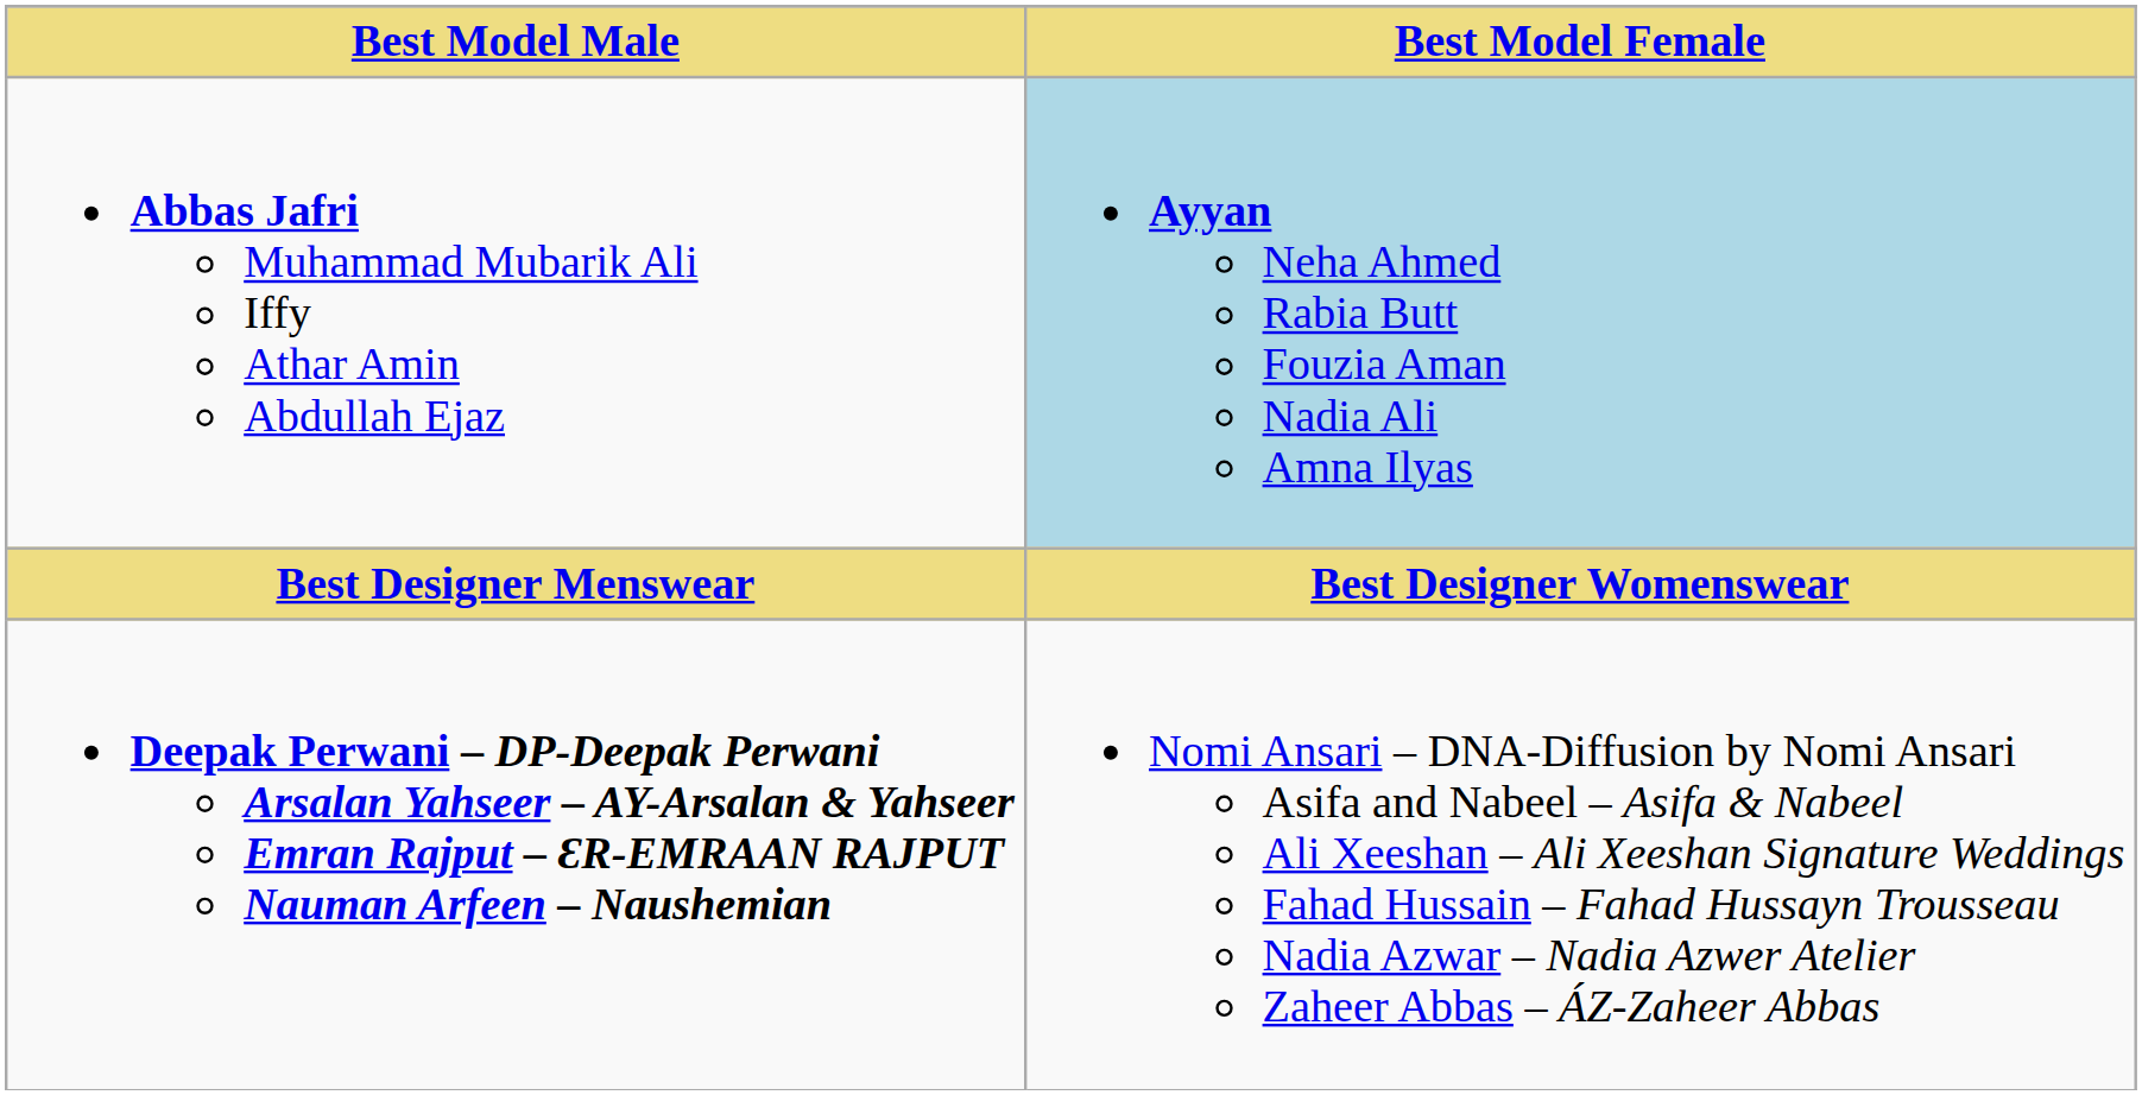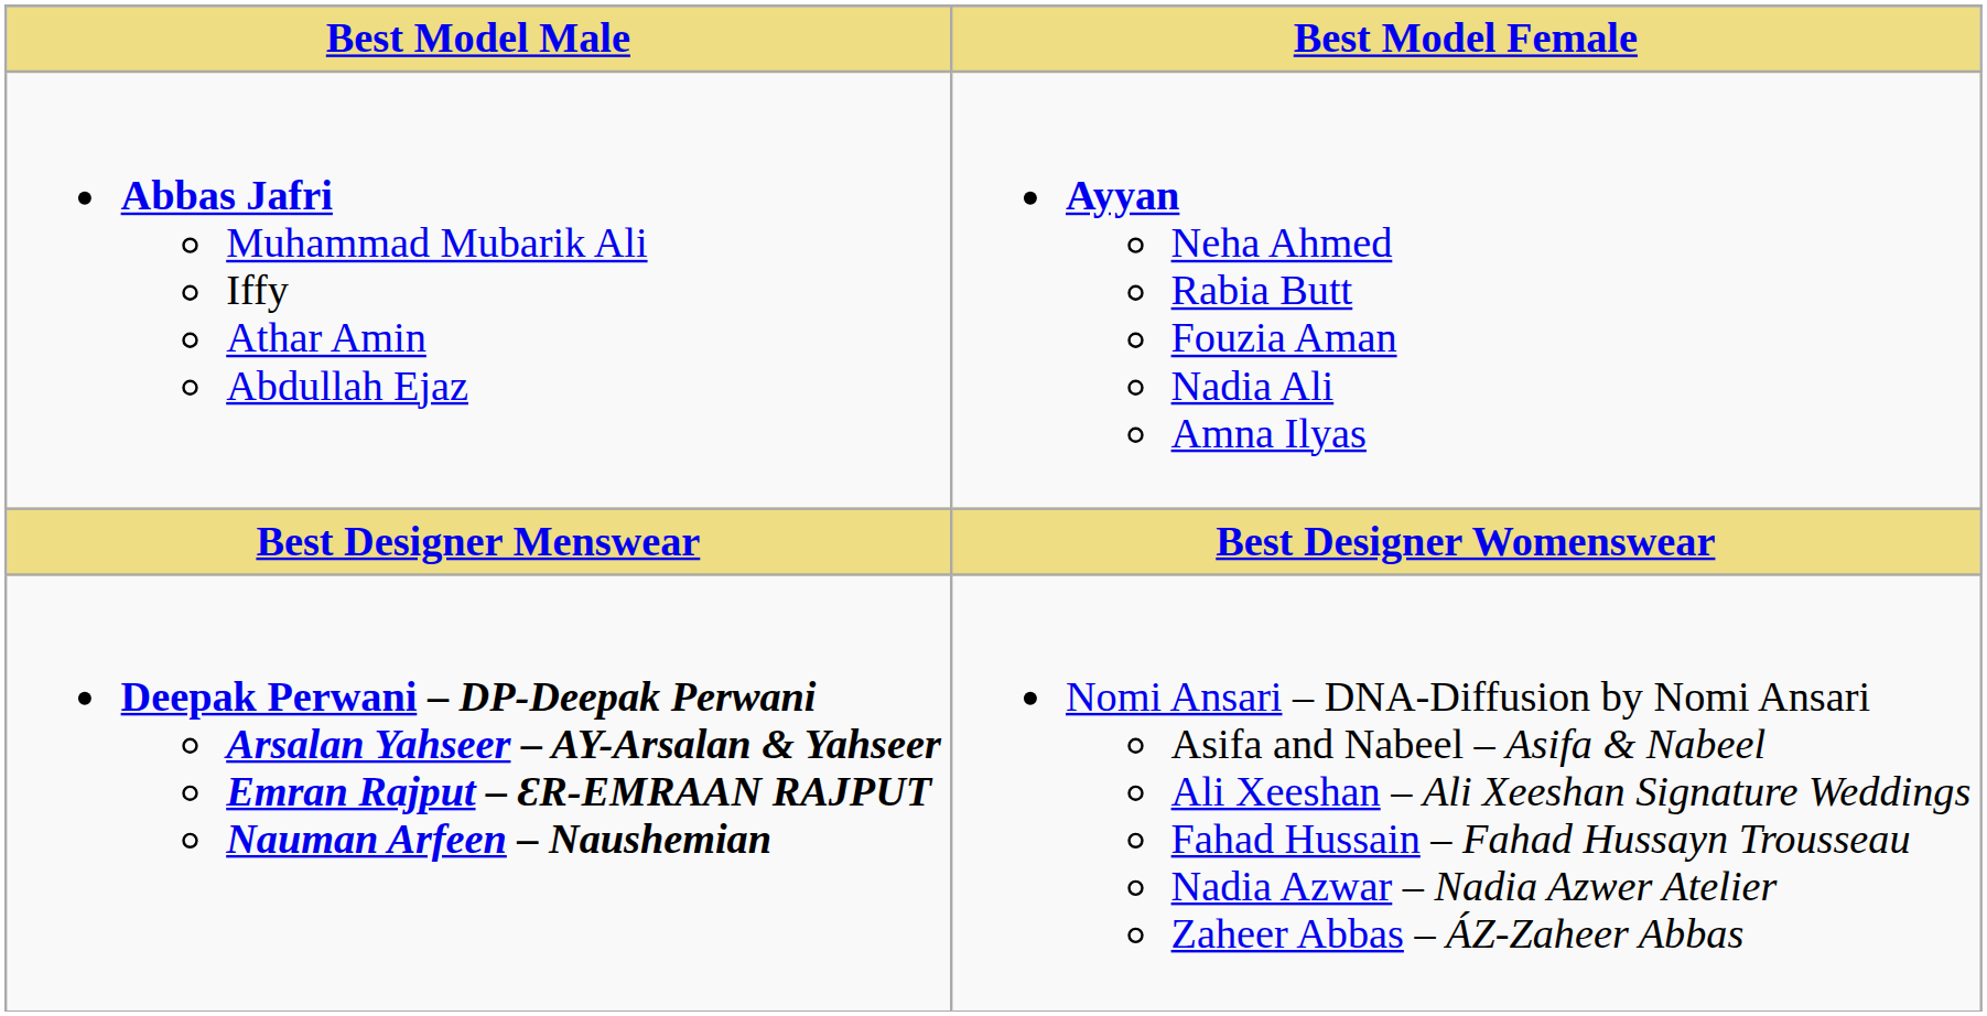 <table class=wikitable>
 <tr>
 </tr>
 <tr>
 <th style="background:#EEDD82; ! width:200%"><a href='#'>Best Model Male</a></th>
 <th style="background:#EEDD82; ! width:200%"><a href='#'>Best Model Female</a></th>
 </tr>
 <tr>
 <td valign="top"><br><ul><li><strong><a href='#'>Abbas Jafri</a></strong><ul><li><a href='#'>Muhammad Mubarik Ali</a></li><li>Iffy</li><li><a href='#'>Athar Amin</a></li><li><a href='#'>Abdullah Ejaz</a></li></ul></li></ul></td>
-<td valign="top" style="background: lightblue;"><br><ul><li><strong><a href='#'>Ayyan</a></strong><ul><li><a href='#'>Neha Ahmed</a></li><li><a href='#'>Rabia Butt</a></li><li><a href='#'>Fouzia Aman</a></li><li><a href='#'>Nadia Ali</a></li><li><a href='#'>Amna Ilyas</a></li></ul></li></ul></td>
+<td valign="top"><br><ul><li><strong><a href='#'>Ayyan</a></strong><ul><li><a href='#'>Neha Ahmed</a></li><li><a href='#'>Rabia Butt</a></li><li><a href='#'>Fouzia Aman</a></li><li><a href='#'>Nadia Ali</a></li><li><a href='#'>Amna Ilyas</a></li></ul></li></ul></td>
 </tr>
 <tr>
 <th style="background:#EEDD82; ! width:200%"><a href='#'>Best Designer Menswear</a></th>
 <th style="background:#EEDD82; ! width:200%"><a href='#'>Best Designer Womenswear</a></th>
 </tr>
 <tr>
 <td valign="top"><br><ul><li><strong><a href='#'>Deepak Perwani</a> – <em>DP-Deepak Perwani<strong><em><ul><li><a href='#'>Arsalan Yahseer</a> – </em>AY-Arsalan & Yahseer<em></li><li><a href='#'>Emran Rajput</a> – </em>ԐR-EMRAAN RAJPUT<em></li><li><a href='#'>Nauman Arfeen</a> – </em>Naushemian<em></li></ul></li></ul></td>
 <td valign="top"><br><ul><li></strong><a href='#'>Nomi Ansari</a> – </em>DNA-Diffusion by Nomi Ansari</em></strong><ul><li>Asifa and Nabeel – <em>Asifa & Nabeel</em></li><li><a href='#'>Ali Xeeshan</a> – <em>Ali Xeeshan Signature Weddings</em></li><li><a href='#'>Fahad Hussain</a> – <em>Fahad Hussayn Trousseau</em></li><li><a href='#'>Nadia Azwar</a> – <em>Nadia Azwer Atelier</em></li><li><a href='#'>Zaheer Abbas</a> – <em>ÁΖ-Zaheer Abbas</em></li></ul></li></ul></td>
 </tr>
 </table>
